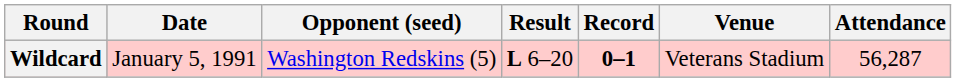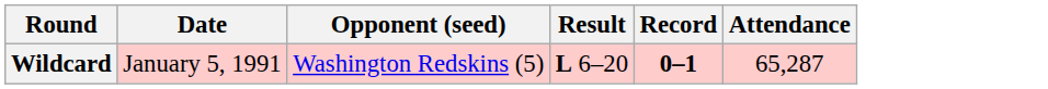 <table class="wikitable" style="text-align:center">
 <tr>
 <th>Round</th>
 <th>Date</th>
 <th>Opponent (seed)</th>
 <th>Result</th>
 <th>Record</th>
-<th>Venue</th>
 <th>Attendance</th>
 </tr>
 <tr style="background:#fcc">
 <th>Wildcard</th>
 <td>January 5, 1991</td>
 <td><a href='#'>Washington Redskins</a> (5)</td>
 <td><strong>L</strong> 6–20</td>
 <td><strong>0–1</strong></td>
-<td>Veterans Stadium</td>
-<td>56,287</td>
+<td>65,287</td>
 </tr>
 </table>
